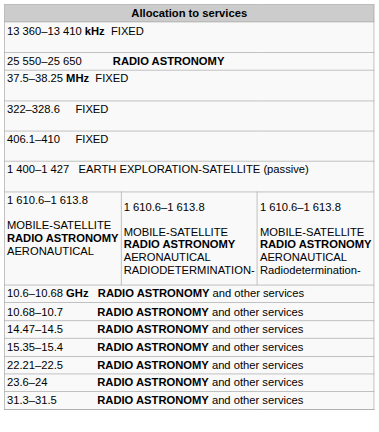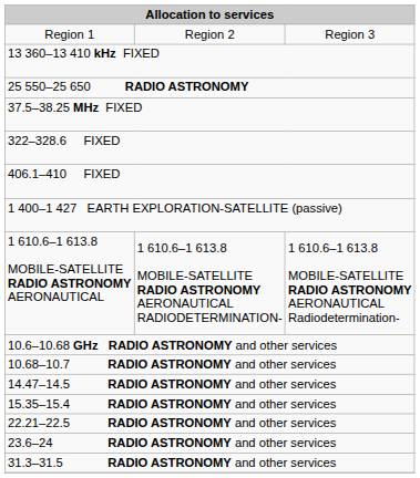 <table class=wikitable>
 <tr bgcolor="#CCCCCC" align="center">
 <td align="center" colspan="3"><strong>Allocation to services</strong></td>
+</tr>
+<tr align="center">
+<td>     Region 1     </td>
+<td>     Region 2     </td>
+<td>     Region 3     </td>
 </tr>
 <tr>
 <td colspan="3">13 360–13 410 <strong>kHz</strong>  FIXED<br><br></td>
 </tr>
 <tr>
 <td colspan="3">25 550–25 650          <strong>RADIO ASTRONOMY</strong></td>
 </tr>
 <tr>
 <td colspan="3">37.5–38.25 <strong>MHz</strong>  FIXED<br><br></td>
 </tr>
 <tr>
 <td colspan="3">322–328.6     FIXED<br><br></td>
 </tr>
 <tr>
 <td colspan="3">406.1–410     FIXED<br><br></td>
 </tr>
 <tr>
 <td colspan="3">1 400–1 427   EARTH EXPLORATION-SATELLITE (passive)<br><br></td>
 </tr>
 <tr>
 <td colspan="1">1 610.6–1 613.8<br><br>MOBILE-SATELLITE <br><strong>RADIO ASTRONOMY</strong><br>AERONAUTICAL <br><br> <br></td>
 <td colspan="1">1 610.6–1 613.8<br><br>MOBILE-SATELLITE <br><strong>RADIO ASTRONOMY</strong> <br>AERONAUTICAL <br>RADIODETERMINATION-<br></td>
 <td colspan="1">1 610.6–1 613.8<br><br>MOBILE-SATELLITE <br><strong>RADIO ASTRONOMY</strong> <br>AERONAUTICAL <br>Radiodetermination-<br></td>
 </tr>
 <tr>
 <td colspan="3">10.6–10.68 <strong>GHz</strong>   <strong>RADIO ASTRONOMY</strong> and other services</td>
 </tr>
 <tr>
 <td colspan="3">10.68–10.7           <strong>RADIO ASTRONOMY</strong> and other services</td>
 </tr>
 <tr>
 <td colspan="3">14.47–14.5           <strong>RADIO ASTRONOMY</strong> and other services</td>
 </tr>
 <tr>
 <td colspan="3">15.35–15.4           <strong>RADIO ASTRONOMY</strong> and other services</td>
 </tr>
 <tr>
 <td colspan="3">22.21–22.5           <strong>RADIO ASTRONOMY</strong> and other services</td>
 </tr>
 <tr>
 <td colspan="3">23.6–24                <strong>RADIO ASTRONOMY</strong> and other services</td>
 </tr>
 <tr>
 <td colspan="3">31.3–31.5             <strong>RADIO ASTRONOMY</strong> and other services</td>
 </tr>
 <tr>
 </tr>
 </table>
